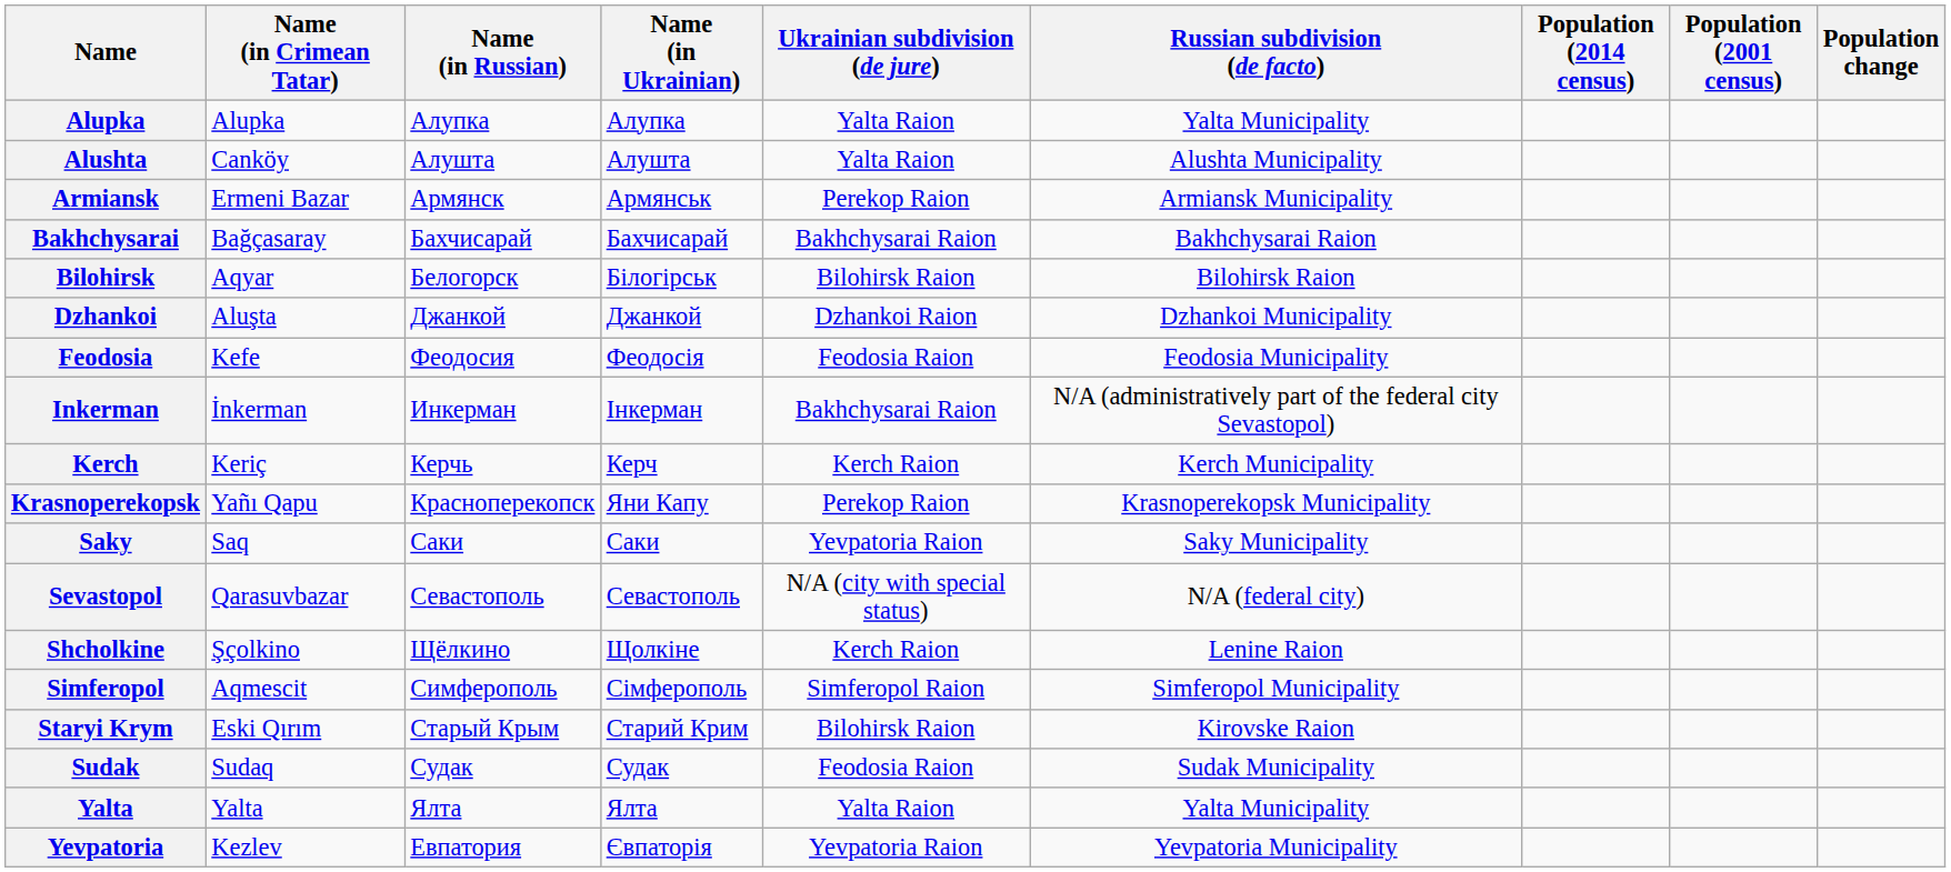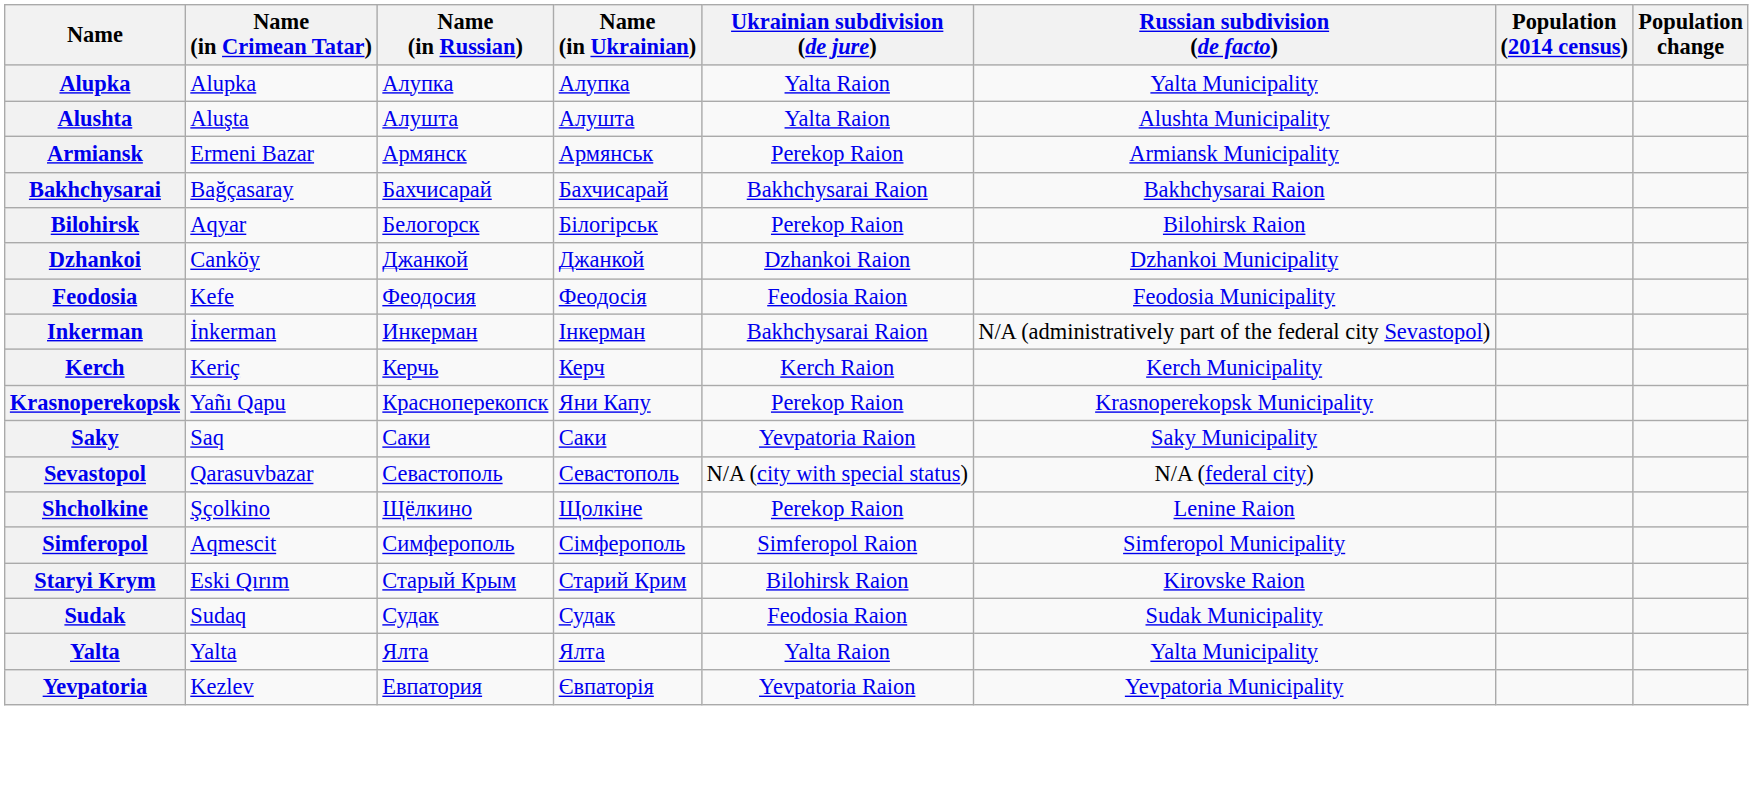 <table class="wikitable sortable" id="Table of cities" caption="Tabulated list of cities on the ">
 <tr>
 <th scope="col">Name</th>
 <th scope="col">Name<br>(in <a href='#'>Crimean Tatar</a>)</th>
 <th scope="col">Name<br>(in <a href='#'>Russian</a>)</th>
 <th scope="col">Name<br>(in <a href='#'>Ukrainian</a>)</th>
 <th scope="col"><a href='#'>Ukrainian subdivision</a><br>(<em><a href='#'>de jure</a></em>)</th>
 <th scope="col"><a href='#'>Russian subdivision</a><br>(<em><a href='#'>de facto</a></em>)</th>
 <th scope="col">Population<br>(<a href='#'>2014 census</a>)</th>
-<th scope="col">Population<br>(<a href='#'>2001 census</a>)</th>
 <th scope="col">Population<br>change</th>
 </tr>
 <tr>
 <th scope="row" align="left"><a href='#'>Alupka</a></th>
 <td><a href='#'>Alupka</a></td>
 <td><a href='#'>Алупка</a></td>
 <td><a href='#'>Алупка</a></td>
 <td align=center><a href='#'>Yalta Raion</a></td>
 <td align=center><a href='#'>Yalta Municipality</a></td>
 <td align=right></td>
 <td align=right></td>
-<td align=right></td>
 </tr>
 <tr>
 <th scope="row" align="left"><a href='#'>Alushta</a></th>
-<td><a href='#'>Canköy</a></td>
+<td><a href='#'>Aluşta</a></td>
 <td><a href='#'>Алушта</a></td>
 <td><a href='#'>Алушта</a></td>
 <td align=center><a href='#'>Yalta Raion</a></td>
 <td align=center><a href='#'>Alushta Municipality</a></td>
-<td align=right></td>
 <td align=right></td>
 <td align=right></td>
 </tr>
 <tr>
 <th scope="row" align="left"><a href='#'>Armiansk</a></th>
 <td><a href='#'>Ermeni Bazar</a></td>
 <td><a href='#'>Армянск</a></td>
 <td><a href='#'>Армянськ</a></td>
 <td align=center><a href='#'>Perekop Raion</a></td>
 <td align=center><a href='#'>Armiansk Municipality</a></td>
 <td align=right></td>
 <td align=right></td>
-<td align=right></td>
 </tr>
 <tr>
 <th scope="row" align="left"><a href='#'>Bakhchysarai</a></th>
 <td><a href='#'>Bağçasaray</a></td>
 <td><a href='#'>Бахчисарай</a></td>
 <td><a href='#'>Бахчисарай</a></td>
 <td align=center><a href='#'>Bakhchysarai Raion</a></td>
 <td align=center><a href='#'>Bakhchysarai Raion</a></td>
 <td align=right></td>
 <td align=right></td>
-<td align=right></td>
 </tr>
 <tr>
 <th scope="row" align="left"><a href='#'>Bilohirsk</a></th>
 <td><a href='#'>Aqyar</a></td>
 <td><a href='#'>Белогорск</a></td>
 <td><a href='#'>Білогірськ</a></td>
+<td align=center><a href='#'>Perekop Raion</a></td>
 <td align=center><a href='#'>Bilohirsk Raion</a></td>
-<td align=center><a href='#'>Bilohirsk Raion</a></td>
-<td align=right></td>
 <td align=right></td>
 <td align=right></td>
 </tr>
 <tr>
 <th scope="row" align="left"><a href='#'>Dzhankoi</a></th>
-<td><a href='#'>Aluşta</a></td>
+<td><a href='#'>Canköy</a></td>
 <td><a href='#'>Джанкой</a></td>
 <td><a href='#'>Джанкой</a></td>
 <td align=center><a href='#'>Dzhankoi Raion</a></td>
 <td align=center><a href='#'>Dzhankoi Municipality</a></td>
-<td align=right></td>
 <td align=right></td>
 <td align=right></td>
 </tr>
 <tr>
 <th scope="row" align="left"><a href='#'>Feodosia</a></th>
 <td><a href='#'>Kefe</a></td>
 <td><a href='#'>Феодосия</a></td>
 <td><a href='#'>Феодосія</a></td>
 <td align=center><a href='#'>Feodosia Raion</a></td>
 <td align=center><a href='#'>Feodosia Municipality</a></td>
 <td align=right></td>
 <td align=right></td>
-<td align=right></td>
 </tr>
 <tr>
 <th scope="row" align="left"><a href='#'>Inkerman</a></th>
 <td><a href='#'>İnkerman</a></td>
 <td><a href='#'>Инкерман</a></td>
 <td><a href='#'>Інкерман</a></td>
 <td align=center><a href='#'>Bakhchysarai Raion</a></td>
 <td align=center>N/A (administratively part of the federal city <a href='#'>Sevastopol</a>)</td>
-<td align=right></td>
 <td align=right></td>
 <td align=right></td>
 </tr>
 <tr>
 <th scope="row" align="left"><a href='#'>Kerch</a></th>
 <td><a href='#'>Keriç</a></td>
 <td><a href='#'>Керчь</a></td>
 <td><a href='#'>Керч</a></td>
 <td align=center><a href='#'>Kerch Raion</a></td>
 <td align=center><a href='#'>Kerch Municipality</a></td>
 <td align=right></td>
 <td align=right></td>
-<td align=right></td>
 </tr>
 <tr>
 <th scope="row" align="left"><a href='#'>Krasnoperekopsk</a></th>
 <td><a href='#'>Yañı Qapu</a></td>
 <td><a href='#'>Красноперекопск</a></td>
 <td><a href='#'>Яни Капу</a></td>
 <td align=center><a href='#'>Perekop Raion</a></td>
 <td align=center><a href='#'>Krasnoperekopsk Municipality</a></td>
-<td align=right></td>
 <td align=right></td>
 <td align=right></td>
 </tr>
 <tr>
 <th scope="row" align="left"><a href='#'>Saky</a></th>
 <td><a href='#'>Saq</a></td>
 <td><a href='#'>Саки</a></td>
 <td><a href='#'>Саки</a></td>
 <td align=center><a href='#'>Yevpatoria Raion</a></td>
 <td align=center><a href='#'>Saky Municipality</a></td>
 <td align=right></td>
 <td align=right></td>
-<td align=right></td>
 </tr>
 <tr>
 <th scope="row" align="left"><a href='#'>Sevastopol</a></th>
 <td><a href='#'>Qarasuvbazar</a></td>
 <td><a href='#'>Севастополь</a></td>
 <td><a href='#'>Севастополь</a></td>
 <td align=center>N/A (<a href='#'>city with special status</a>)</td>
 <td align=center>N/A (<a href='#'>federal city</a>)</td>
 <td align=right></td>
 <td align=right></td>
-<td align=right></td>
 </tr>
 <tr>
 <th scope="row" align="left"><a href='#'>Shcholkine</a></th>
 <td><a href='#'>Şçolkino</a></td>
 <td><a href='#'>Щёлкино</a></td>
 <td><a href='#'>Щолкіне</a></td>
-<td align=center><a href='#'>Kerch Raion</a></td>
+<td align=center><a href='#'>Perekop Raion</a></td>
 <td align=center><a href='#'>Lenine Raion</a></td>
-<td align=right></td>
 <td align=right></td>
 <td align=right></td>
 </tr>
 <tr>
 <th scope="row" align="left"><a href='#'>Simferopol</a></th>
 <td><a href='#'>Aqmescit</a></td>
 <td><a href='#'>Симферополь</a></td>
 <td><a href='#'>Сімферополь</a></td>
 <td align=center><a href='#'>Simferopol Raion</a></td>
 <td align=center><a href='#'>Simferopol Municipality</a></td>
 <td align=right></td>
 <td align=right></td>
-<td align=right></td>
 </tr>
 <tr>
 <th scope="row" align="left"><a href='#'>Staryi Krym</a></th>
 <td><a href='#'>Eski Qırım</a></td>
 <td><a href='#'>Старый Крым</a></td>
 <td><a href='#'>Старий Крим</a></td>
 <td align=center><a href='#'>Bilohirsk Raion</a></td>
 <td align=center><a href='#'>Kirovske Raion</a></td>
-<td align=right></td>
 <td align=right></td>
 <td align=right></td>
 </tr>
 <tr>
 <th scope="row" align="left"><a href='#'>Sudak</a></th>
 <td><a href='#'>Sudaq</a></td>
 <td><a href='#'>Судак</a></td>
 <td><a href='#'>Судак</a></td>
 <td align=center><a href='#'>Feodosia Raion</a></td>
 <td align=center><a href='#'>Sudak Municipality</a></td>
 <td align=right></td>
 <td align=right></td>
-<td align=right></td>
 </tr>
 <tr>
 <th scope="row" align="left"><a href='#'>Yalta</a></th>
 <td><a href='#'>Yalta</a></td>
 <td><a href='#'>Ялта</a></td>
 <td><a href='#'>Ялта</a></td>
 <td align=center><a href='#'>Yalta Raion</a></td>
 <td align=center><a href='#'>Yalta Municipality</a></td>
-<td align=right></td>
 <td align=right></td>
 <td align=right></td>
 </tr>
 <tr>
 <th scope="row" align="left"><a href='#'>Yevpatoria</a></th>
 <td><a href='#'>Kezlev</a></td>
 <td><a href='#'>Евпатория</a></td>
 <td><a href='#'>Євпаторія</a></td>
 <td align=center><a href='#'>Yevpatoria Raion</a></td>
 <td align=center><a href='#'>Yevpatoria Municipality</a></td>
 <td align=right></td>
 <td align=right></td>
-<td align=right></td>
 </tr>
 </table>
